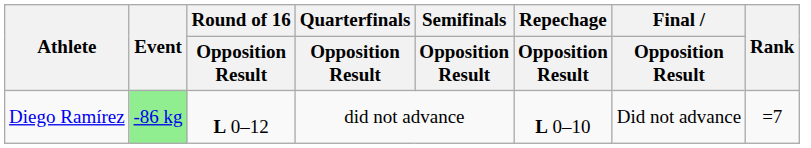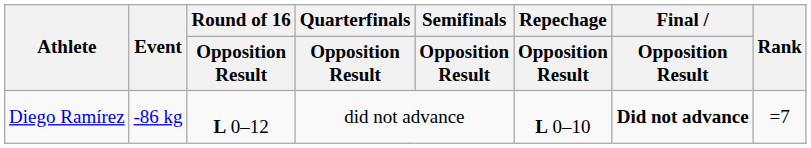 <table class="wikitable" style="font-size:90%">
 <tr>
 <th rowspan="2">Athlete</th>
 <th rowspan="2">Event</th>
 <th>Round of 16</th>
 <th>Quarterfinals</th>
 <th>Semifinals</th>
 <th>Repechage</th>
 <th>Final / </th>
 <th rowspan="2">Rank</th>
 </tr>
 <tr>
 <th>Opposition<br>Result</th>
 <th>Opposition<br>Result</th>
 <th>Opposition<br>Result</th>
 <th>Opposition<br>Result</th>
 <th>Opposition<br>Result</th>
 </tr>
 <tr align=center>
 <td align=left><a href='#'>Diego Ramírez</a></td>
-<td align=left style="background: lightgreen;"><a href='#'>-86 kg</a></td>
+<td align=left><a href='#'>-86 kg</a></td>
 <td><br><strong>L</strong> 0–12</td>
 <td colspan=2>did not advance</td>
 <td><br><strong>L</strong> 0–10</td>
-<td>Did not advance</td>
+<td><strong>Did not advance</strong></td>
 <td>=7</td>
 </tr>
 </table>
